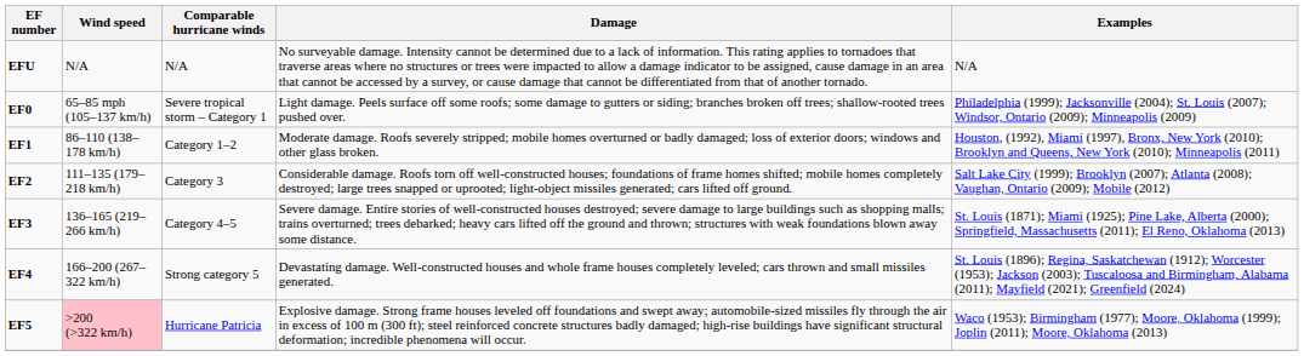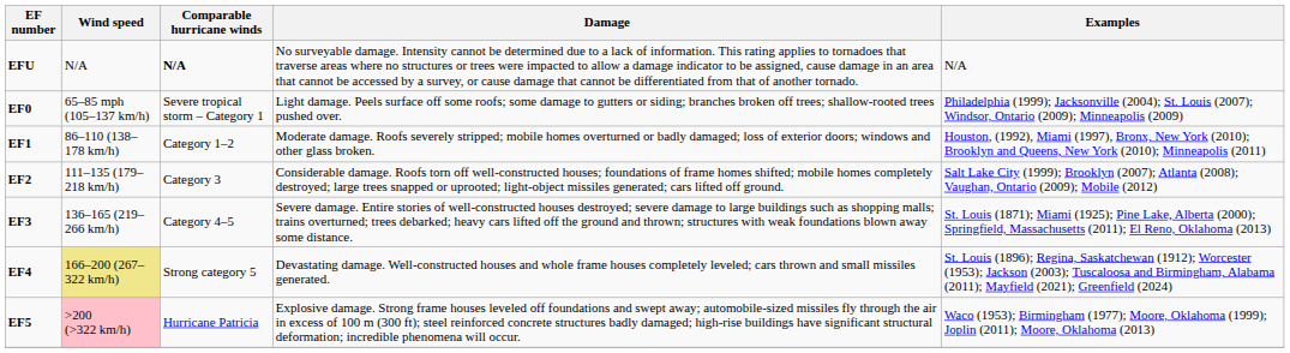 <table class="wikitable" style="text-align: left;">
 <tr>
 <th>EF number</th>
 <th>Wind speed</th>
 <th>Comparable hurricane winds</th>
 <th>Damage</th>
 <th>Examples</th>
 </tr>
 <tr>
 <td style="background: #"><strong>EFU</strong></td>
 <td>N/A</td>
-<td>N/A</td>
+<td><strong>N/A</strong></td>
 <td>No surveyable damage. Intensity cannot be determined due to a lack of information. This rating applies to tornadoes that traverse areas where no structures or trees were impacted to allow a damage indicator to be assigned, cause damage in an area that cannot be accessed by a survey, or cause damage that cannot be differentiated from that of another tornado.</td>
 <td>N/A</td>
 </tr>
 <tr>
 <td style="background: #"><strong>EF0</strong></td>
 <td>65–85 mph (105–137 km/h)</td>
 <td>Severe tropical storm – Category 1</td>
 <td>Light damage. Peels surface off some roofs; some damage to gutters or siding; branches broken off trees; shallow-rooted trees pushed over.</td>
 <td><a href='#'>Philadelphia</a> (1999); <a href='#'>Jacksonville</a> (2004); <a href='#'>St. Louis</a> (2007); <a href='#'>Windsor, Ontario</a> (2009); <a href='#'>Minneapolis</a> (2009)</td>
 </tr>
 <tr>
 <td style="background: #"><strong>EF1</strong></td>
 <td>86–110 (138–178 km/h)</td>
 <td>Category 1–2</td>
 <td>Moderate damage. Roofs severely stripped; mobile homes overturned or badly damaged; loss of exterior doors; windows and other glass broken.</td>
 <td><a href='#'>Houston</a>, (1992), <a href='#'>Miami</a> (1997), <a href='#'>Bronx, New York</a> (2010); <a href='#'>Brooklyn and Queens, New York</a> (2010); <a href='#'>Minneapolis</a> (2011)</td>
 </tr>
 <tr>
 <td style="background: #"><strong>EF2</strong></td>
 <td>111–135 (179–218 km/h)</td>
 <td>Category 3</td>
 <td>Considerable damage. Roofs torn off well-constructed houses; foundations of frame homes shifted; mobile homes completely destroyed; large trees snapped or uprooted; light-object missiles generated; cars lifted off ground.</td>
 <td><a href='#'>Salt Lake City</a> (1999); <a href='#'>Brooklyn</a> (2007); <a href='#'>Atlanta</a> (2008); <a href='#'>Vaughan, Ontario</a> (2009); <a href='#'>Mobile</a> (2012)</td>
 </tr>
 <tr>
 <td style="background: #"><strong>EF3</strong></td>
 <td>136–165 (219–266 km/h)</td>
 <td>Category 4–5</td>
 <td>Severe damage. Entire stories of well-constructed houses destroyed; severe damage to large buildings such as shopping malls; trains overturned; trees debarked; heavy cars lifted off the ground and thrown; structures with weak foundations blown away some distance.</td>
 <td><a href='#'>St. Louis</a> (1871); <a href='#'>Miami</a> (1925); <a href='#'>Pine Lake, Alberta</a> (2000); <a href='#'>Springfield, Massachusetts</a> (2011); <a href='#'>El Reno, Oklahoma</a> (2013)</td>
 </tr>
 <tr>
 <td style="background: #"><strong>EF4</strong></td>
-<td>166–200 (267–322 km/h)</td>
+<td style="background: khaki;">166–200 (267–322 km/h)</td>
 <td>Strong category 5</td>
 <td>Devastating damage. Well-constructed houses and whole frame houses completely leveled; cars thrown and small missiles generated.</td>
 <td><a href='#'>St. Louis</a> (1896); <a href='#'>Regina, Saskatchewan</a> (1912); <a href='#'>Worcester</a> (1953); <a href='#'>Jackson</a> (2003); <a href='#'>Tuscaloosa and Birmingham, Alabama</a> (2011); <a href='#'>Mayfield</a> (2021); <a href='#'>Greenfield</a> (2024)</td>
 </tr>
 <tr>
 <td style="background: #"><strong>EF5</strong></td>
 <td style="background: pink;">>200 (>322 km/h)</td>
 <td><a href='#'>Hurricane Patricia</a></td>
 <td>Explosive damage. Strong frame houses leveled off foundations and swept away; automobile-sized missiles fly through the air in excess of 100 m (300 ft); steel reinforced concrete structures badly damaged; high-rise buildings have significant structural deformation; incredible phenomena will occur.</td>
 <td><a href='#'>Waco</a> (1953); <a href='#'>Birmingham</a> (1977); <a href='#'>Moore, Oklahoma</a> (1999); <a href='#'>Joplin</a> (2011); <a href='#'>Moore, Oklahoma</a> (2013)</td>
 </tr>
 <tr>
 </tr>
 </table>
